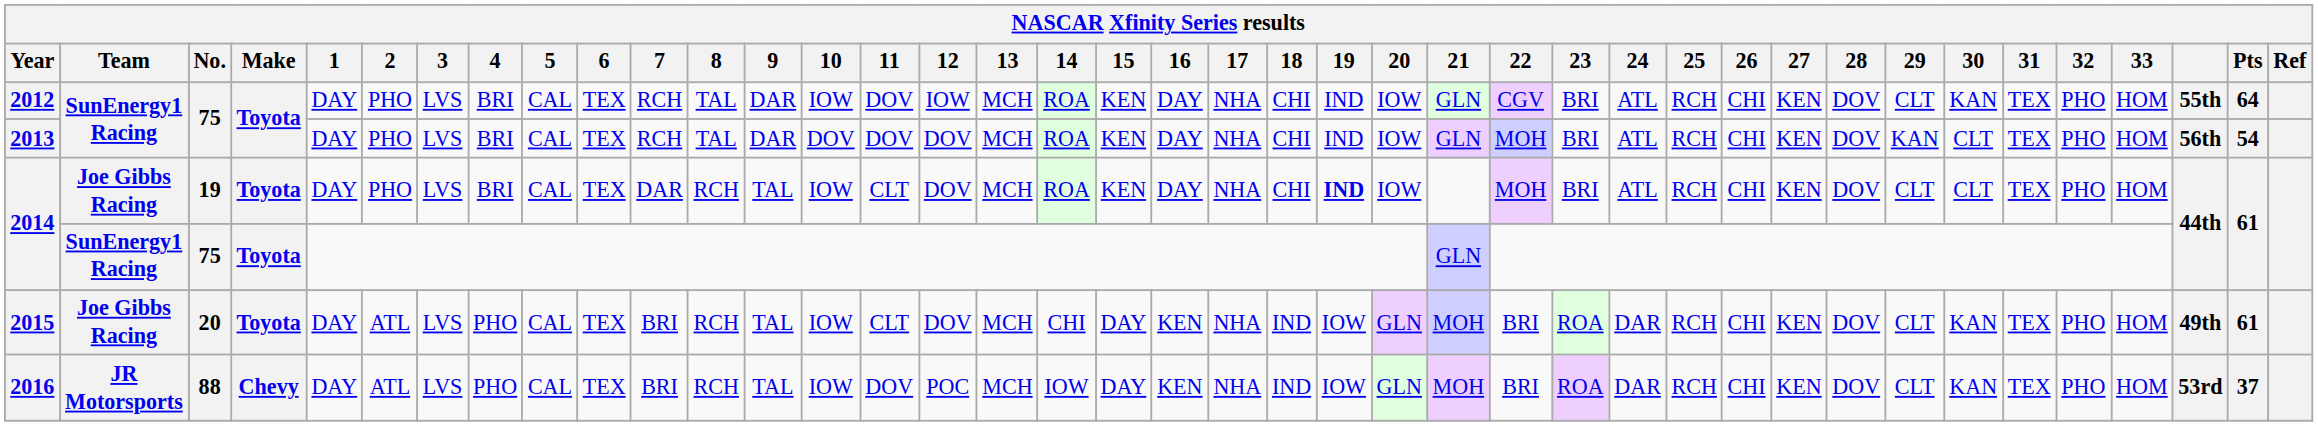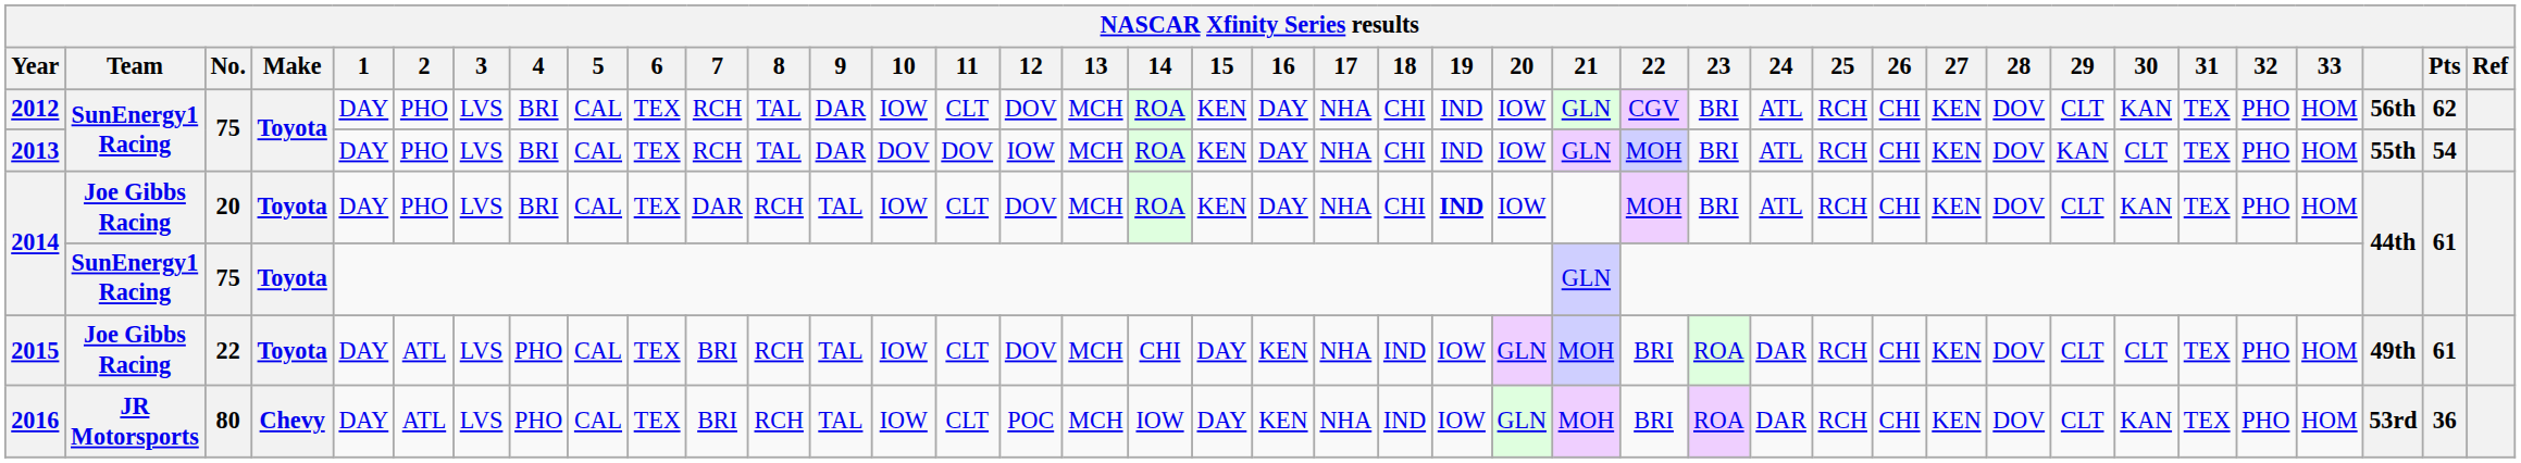 <table class="wikitable" style="text-align:center; font-size:75%">
 <tr>
 <th colspan=42><a href='#'>NASCAR</a> <a href='#'>Xfinity Series</a> results</th>
 </tr>
 <tr>
 <th>Year</th>
 <th>Team</th>
 <th>No.</th>
 <th>Make</th>
 <th>1</th>
 <th>2</th>
 <th>3</th>
 <th>4</th>
 <th>5</th>
 <th>6</th>
 <th>7</th>
 <th>8</th>
 <th>9</th>
 <th>10</th>
 <th>11</th>
 <th>12</th>
 <th>13</th>
 <th>14</th>
 <th>15</th>
 <th>16</th>
 <th>17</th>
 <th>18</th>
 <th>19</th>
 <th>20</th>
 <th>21</th>
 <th>22</th>
 <th>23</th>
 <th>24</th>
 <th>25</th>
 <th>26</th>
 <th>27</th>
 <th>28</th>
 <th>29</th>
 <th>30</th>
 <th>31</th>
 <th>32</th>
 <th>33</th>
 <th></th>
 <th>Pts</th>
 <th>Ref</th>
 </tr>
 <tr>
 <th><a href='#'>2012</a></th>
 <th rowspan=2><a href='#'>SunEnergy1 Racing</a></th>
 <th rowspan=2>75</th>
 <th rowspan=2><a href='#'>Toyota</a></th>
 <td><a href='#'>DAY</a></td>
 <td><a href='#'>PHO</a></td>
 <td><a href='#'>LVS</a></td>
 <td><a href='#'>BRI</a></td>
 <td><a href='#'>CAL</a></td>
 <td><a href='#'>TEX</a></td>
 <td><a href='#'>RCH</a></td>
 <td><a href='#'>TAL</a></td>
 <td><a href='#'>DAR</a></td>
 <td><a href='#'>IOW</a></td>
+<td><a href='#'>CLT</a></td>
 <td><a href='#'>DOV</a></td>
-<td><a href='#'>IOW</a></td>
 <td><a href='#'>MCH</a></td>
 <td style="background:#DFFFDF"><a href='#'>ROA</a><br></td>
 <td><a href='#'>KEN</a></td>
 <td><a href='#'>DAY</a></td>
 <td><a href='#'>NHA</a></td>
 <td><a href='#'>CHI</a></td>
 <td><a href='#'>IND</a></td>
 <td><a href='#'>IOW</a></td>
 <td style="background:#DFFFDF"><a href='#'>GLN</a><br></td>
 <td style="background:#EFCFFF"><a href='#'>CGV</a><br></td>
 <td><a href='#'>BRI</a></td>
 <td><a href='#'>ATL</a></td>
 <td><a href='#'>RCH</a></td>
 <td><a href='#'>CHI</a></td>
 <td><a href='#'>KEN</a></td>
 <td><a href='#'>DOV</a></td>
 <td><a href='#'>CLT</a></td>
 <td><a href='#'>KAN</a></td>
 <td><a href='#'>TEX</a></td>
 <td><a href='#'>PHO</a></td>
 <td><a href='#'>HOM</a></td>
-<th>55th</th>
-<th>64</th>
+<th>56th</th>
+<th>62</th>
 <th></th>
 </tr>
 <tr>
 <th><a href='#'>2013</a></th>
 <td><a href='#'>DAY</a></td>
 <td><a href='#'>PHO</a></td>
 <td><a href='#'>LVS</a></td>
 <td><a href='#'>BRI</a></td>
 <td><a href='#'>CAL</a></td>
 <td><a href='#'>TEX</a></td>
 <td><a href='#'>RCH</a></td>
 <td><a href='#'>TAL</a></td>
 <td><a href='#'>DAR</a></td>
 <td><a href='#'>DOV</a></td>
 <td><a href='#'>DOV</a></td>
-<td><a href='#'>DOV</a></td>
+<td><a href='#'>IOW</a></td>
 <td><a href='#'>MCH</a></td>
 <td style="background:#DFFFDF"><a href='#'>ROA</a><br></td>
 <td><a href='#'>KEN</a></td>
 <td><a href='#'>DAY</a></td>
 <td><a href='#'>NHA</a></td>
 <td><a href='#'>CHI</a></td>
 <td><a href='#'>IND</a></td>
 <td><a href='#'>IOW</a></td>
 <td style="background:#EFCFFF"><a href='#'>GLN</a><br></td>
 <td style="background:#CFCFFF"><a href='#'>MOH</a><br></td>
 <td><a href='#'>BRI</a></td>
 <td><a href='#'>ATL</a></td>
 <td><a href='#'>RCH</a></td>
 <td><a href='#'>CHI</a></td>
 <td><a href='#'>KEN</a></td>
 <td><a href='#'>DOV</a></td>
 <td><a href='#'>KAN</a></td>
 <td><a href='#'>CLT</a></td>
 <td><a href='#'>TEX</a></td>
 <td><a href='#'>PHO</a></td>
 <td><a href='#'>HOM</a></td>
-<th>56th</th>
+<th>55th</th>
 <th>54</th>
 <th></th>
 </tr>
 <tr>
 <th rowspan=2><a href='#'>2014</a></th>
 <th><a href='#'>Joe Gibbs Racing</a></th>
-<th>19</th>
+<th>20</th>
 <th><a href='#'>Toyota</a></th>
 <td><a href='#'>DAY</a></td>
 <td><a href='#'>PHO</a></td>
 <td><a href='#'>LVS</a></td>
 <td><a href='#'>BRI</a></td>
 <td><a href='#'>CAL</a></td>
 <td><a href='#'>TEX</a></td>
 <td><a href='#'>DAR</a></td>
 <td><a href='#'>RCH</a></td>
 <td><a href='#'>TAL</a></td>
 <td><a href='#'>IOW</a></td>
 <td><a href='#'>CLT</a></td>
 <td><a href='#'>DOV</a></td>
 <td><a href='#'>MCH</a></td>
 <td style="background:#DFFFDF"><a href='#'>ROA</a><br></td>
 <td><a href='#'>KEN</a></td>
 <td><a href='#'>DAY</a></td>
 <td><a href='#'>NHA</a></td>
 <td><a href='#'>CHI</a></td>
 <td><strong><a href='#'>IND</a></strong></td>
 <td><a href='#'>IOW</a></td>
 <td></td>
 <td style="background:#EFCFFF"><a href='#'>MOH</a><br></td>
 <td><a href='#'>BRI</a></td>
 <td><a href='#'>ATL</a></td>
 <td><a href='#'>RCH</a></td>
 <td><a href='#'>CHI</a></td>
 <td><a href='#'>KEN</a></td>
 <td><a href='#'>DOV</a></td>
 <td><a href='#'>CLT</a></td>
-<td><a href='#'>CLT</a></td>
+<td><a href='#'>KAN</a></td>
 <td><a href='#'>TEX</a></td>
 <td><a href='#'>PHO</a></td>
 <td><a href='#'>HOM</a></td>
 <th rowspan=2>44th</th>
 <th rowspan=2>61</th>
 <th rowspan=2></th>
 </tr>
 <tr>
 <th><a href='#'>SunEnergy1 Racing</a></th>
 <th>75</th>
 <th><a href='#'>Toyota</a></th>
 <td colspan=20></td>
 <td style="background:#CFCFFF;"><a href='#'>GLN</a><br></td>
 <td colspan=12></td>
 </tr>
 <tr>
 <th><a href='#'>2015</a></th>
 <th><a href='#'>Joe Gibbs Racing</a></th>
-<th>20</th>
+<th>22</th>
 <th><a href='#'>Toyota</a></th>
 <td><a href='#'>DAY</a></td>
 <td><a href='#'>ATL</a></td>
 <td><a href='#'>LVS</a></td>
 <td><a href='#'>PHO</a></td>
 <td><a href='#'>CAL</a></td>
 <td><a href='#'>TEX</a></td>
 <td><a href='#'>BRI</a></td>
 <td><a href='#'>RCH</a></td>
 <td><a href='#'>TAL</a></td>
 <td><a href='#'>IOW</a></td>
 <td><a href='#'>CLT</a></td>
 <td><a href='#'>DOV</a></td>
 <td><a href='#'>MCH</a></td>
 <td><a href='#'>CHI</a></td>
 <td><a href='#'>DAY</a></td>
 <td><a href='#'>KEN</a></td>
 <td><a href='#'>NHA</a></td>
 <td><a href='#'>IND</a></td>
 <td><a href='#'>IOW</a></td>
 <td style="background:#EFCFFF"><a href='#'>GLN</a><br></td>
 <td style="background:#CFCFFF"><a href='#'>MOH</a><br></td>
 <td><a href='#'>BRI</a></td>
 <td style="background:#DFFFDF"><a href='#'>ROA</a><br></td>
 <td><a href='#'>DAR</a></td>
 <td><a href='#'>RCH</a></td>
 <td><a href='#'>CHI</a></td>
 <td><a href='#'>KEN</a></td>
 <td><a href='#'>DOV</a></td>
 <td><a href='#'>CLT</a></td>
-<td><a href='#'>KAN</a></td>
+<td><a href='#'>CLT</a></td>
 <td><a href='#'>TEX</a></td>
 <td><a href='#'>PHO</a></td>
 <td><a href='#'>HOM</a></td>
 <th>49th</th>
 <th>61</th>
 <th></th>
 </tr>
 <tr>
 <th><a href='#'>2016</a></th>
 <th><a href='#'>JR Motorsports</a></th>
-<th>88</th>
+<th>80</th>
 <th><a href='#'>Chevy</a></th>
 <td><a href='#'>DAY</a></td>
 <td><a href='#'>ATL</a></td>
 <td><a href='#'>LVS</a></td>
 <td><a href='#'>PHO</a></td>
 <td><a href='#'>CAL</a></td>
 <td><a href='#'>TEX</a></td>
 <td><a href='#'>BRI</a></td>
 <td><a href='#'>RCH</a></td>
 <td><a href='#'>TAL</a></td>
 <td><a href='#'>IOW</a></td>
-<td><a href='#'>DOV</a></td>
+<td><a href='#'>CLT</a></td>
 <td><a href='#'>POC</a></td>
 <td><a href='#'>MCH</a></td>
 <td><a href='#'>IOW</a></td>
 <td><a href='#'>DAY</a></td>
 <td><a href='#'>KEN</a></td>
 <td><a href='#'>NHA</a></td>
 <td><a href='#'>IND</a></td>
 <td><a href='#'>IOW</a></td>
 <td style="background:#DFFFDF"><a href='#'>GLN</a><br></td>
 <td style="background:#EFCFFF"><a href='#'>MOH</a><br></td>
 <td><a href='#'>BRI</a></td>
 <td style="background:#EFCFFF"><a href='#'>ROA</a><br></td>
 <td><a href='#'>DAR</a></td>
 <td><a href='#'>RCH</a></td>
 <td><a href='#'>CHI</a></td>
 <td><a href='#'>KEN</a></td>
 <td><a href='#'>DOV</a></td>
 <td><a href='#'>CLT</a></td>
 <td><a href='#'>KAN</a></td>
 <td><a href='#'>TEX</a></td>
 <td><a href='#'>PHO</a></td>
 <td><a href='#'>HOM</a></td>
 <th>53rd</th>
-<th>37</th>
+<th>36</th>
 <th></th>
 </tr>
 </table>
